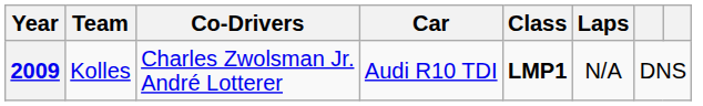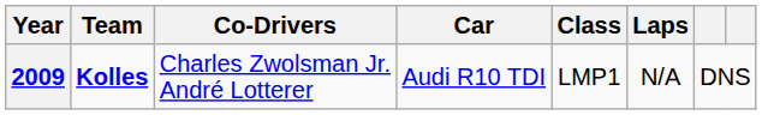 <table class="wikitable" style="text-align:center; font-size:90%">
 <tr>
 <th>Year</th>
 <th>Team</th>
 <th>Co-Drivers</th>
 <th>Car</th>
 <th>Class</th>
 <th>Laps</th>
 <th></th>
 <th></th>
 </tr>
 <tr>
 <th><a href='#'>2009</a></th>
-<td align="left"nowrap> <a href='#'>Kolles</a></td>
+<td align="left"nowrap><strong> <a href='#'>Kolles</a></strong></td>
 <td align="left"nowrap> <a href='#'>Charles Zwolsman Jr.</a><br> <a href='#'>André Lotterer</a></td>
 <td align="left"nowrap><a href='#'>Audi R10 TDI</a></td>
-<td><strong>LMP1</strong></td>
+<td>LMP1</td>
 <td>N/A</td>
 <td colspan=2>DNS</td>
 </tr>
 </table>
